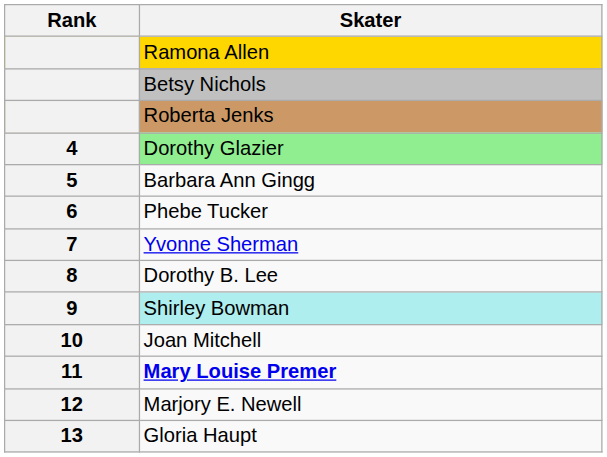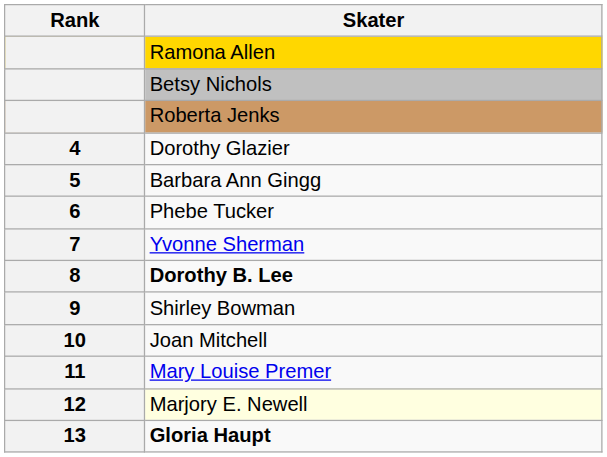 <table class="wikitable unsortable" style="text-align:left; width:30%">
 <tr>
 <th scope="col">Rank</th>
 <th scope="col">Skater</th>
 </tr>
 <tr bgcolor="gold">
 <th scope="row"></th>
 <td>Ramona Allen</td>
 </tr>
 <tr bgcolor="silver">
 <th scope="row"></th>
 <td>Betsy Nichols</td>
 </tr>
 <tr bgcolor="cc9966">
 <th scope="row"></th>
 <td>Roberta Jenks</td>
 </tr>
 <tr>
 <th scope="row">4</th>
-<td style="background: lightgreen;">Dorothy Glazier</td>
+<td>Dorothy Glazier</td>
 </tr>
 <tr>
 <th scope="row">5</th>
 <td>Barbara Ann Gingg</td>
 </tr>
 <tr>
 <th scope="row">6</th>
 <td>Phebe Tucker</td>
 </tr>
 <tr>
 <th scope="row">7</th>
 <td><a href='#'>Yvonne Sherman</a></td>
 </tr>
 <tr>
 <th scope="row">8</th>
-<td>Dorothy B. Lee</td>
+<td><strong>Dorothy B. Lee</strong></td>
 </tr>
 <tr>
 <th scope="row">9</th>
-<td style="background: paleturquoise;">Shirley Bowman</td>
+<td>Shirley Bowman</td>
 </tr>
 <tr>
 <th scope="row">10</th>
 <td>Joan Mitchell</td>
 </tr>
 <tr>
 <th scope="row">11</th>
-<td><strong><a href='#'>Mary Louise Premer</a></strong></td>
+<td><a href='#'>Mary Louise Premer</a></td>
 </tr>
 <tr>
 <th scope="row">12</th>
-<td>Marjory E. Newell</td>
+<td style="background: lightyellow;">Marjory E. Newell</td>
 </tr>
 <tr>
 <th scope="row">13</th>
-<td>Gloria Haupt</td>
+<td><strong>Gloria Haupt</strong></td>
 </tr>
 </table>
